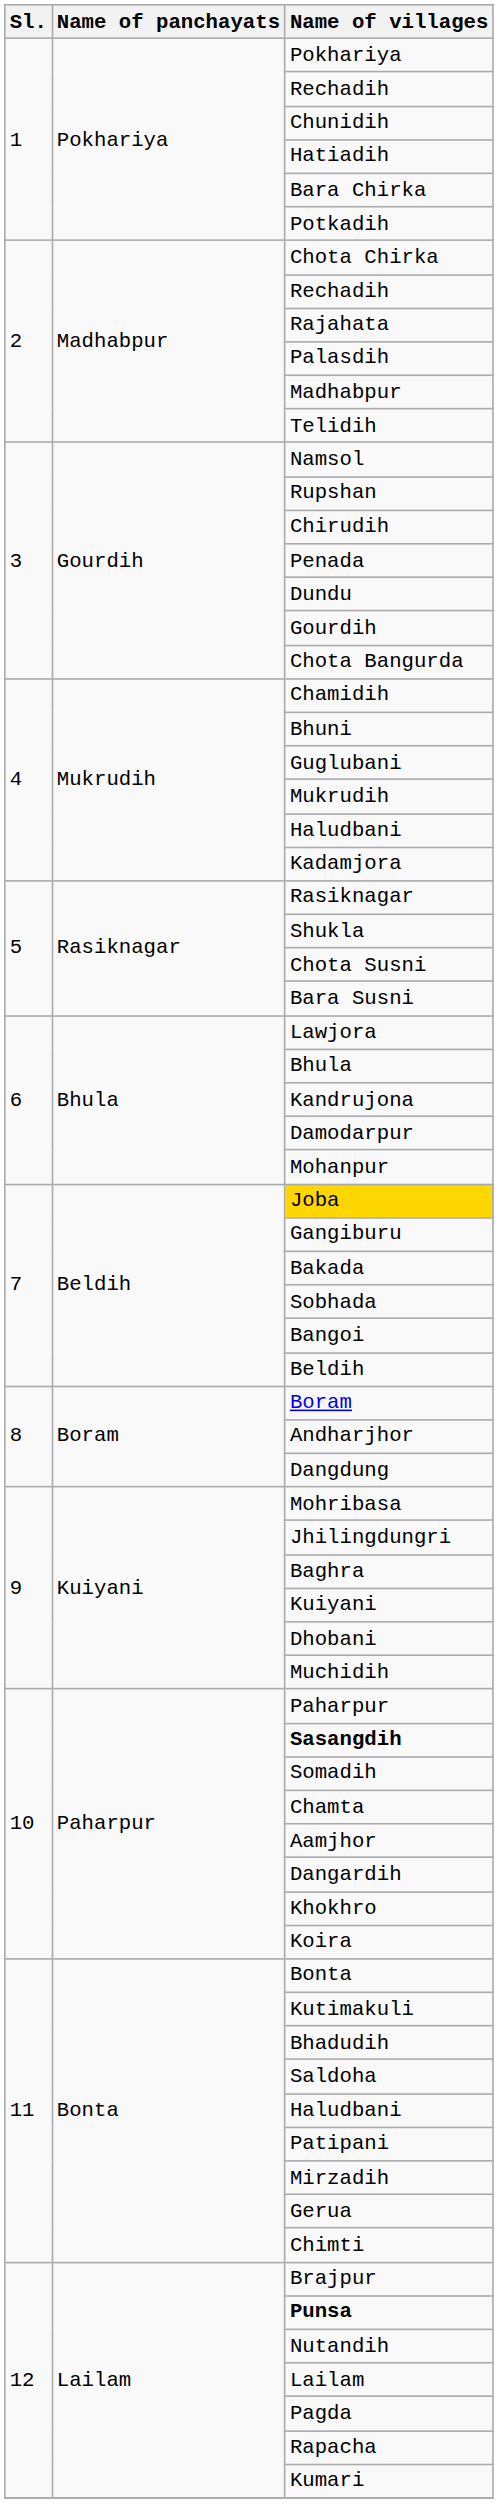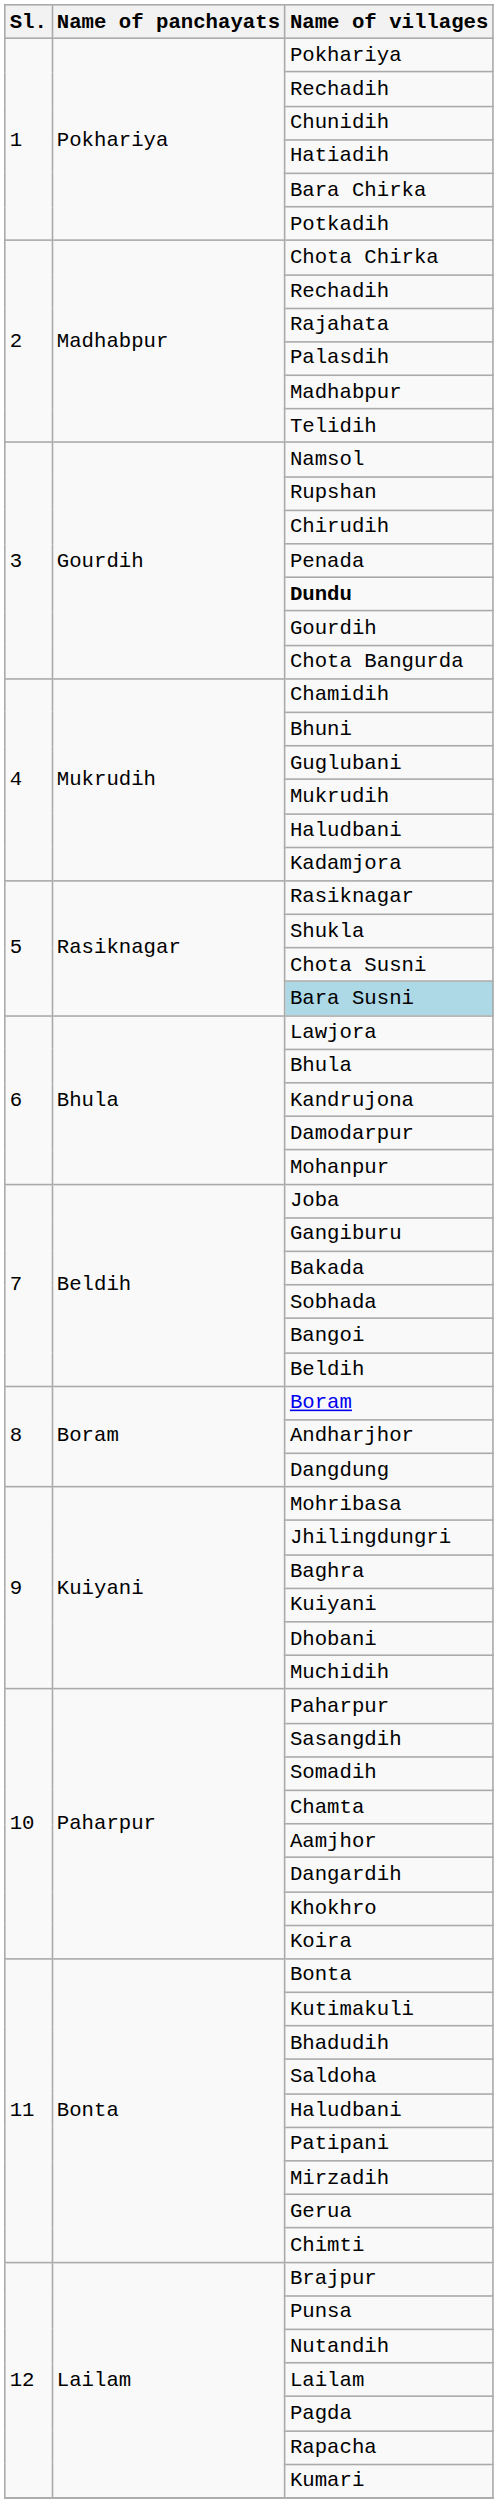 <table class="wikitable plainrowheaders sortable">
 <tr>
 <th scope="col">Sl.</th>
 <th scope="col">Name of panchayats</th>
 <th scope="col">Name of villages</th>
 </tr>
 <tr>
 <td rowspan="6">1</td>
 <td rowspan="6">Pokhariya</td>
 <td>Pokhariya</td>
 </tr>
 <tr>
 <td>Rechadih</td>
 </tr>
 <tr>
 <td>Chunidih</td>
 </tr>
 <tr>
 <td>Hatiadih</td>
 </tr>
 <tr>
 <td>Bara Chirka</td>
 </tr>
 <tr>
 <td>Potkadih</td>
 </tr>
 <tr>
 <td rowspan="6">2</td>
 <td rowspan="6">Madhabpur</td>
 <td>Chota Chirka</td>
 </tr>
 <tr>
 <td>Rechadih</td>
 </tr>
 <tr>
 <td>Rajahata</td>
 </tr>
 <tr>
 <td>Palasdih</td>
 </tr>
 <tr>
 <td>Madhabpur</td>
 </tr>
 <tr>
 <td>Telidih</td>
 </tr>
 <tr>
 <td rowspan="7">3</td>
 <td rowspan="7">Gourdih</td>
 <td>Namsol</td>
 </tr>
 <tr>
 <td>Rupshan</td>
 </tr>
 <tr>
 <td>Chirudih</td>
 </tr>
 <tr>
 <td>Penada</td>
 </tr>
 <tr>
-<td>Dundu</td>
+<td><strong>Dundu</strong></td>
 </tr>
 <tr>
 <td>Gourdih</td>
 </tr>
 <tr>
 <td>Chota Bangurda</td>
 </tr>
 <tr>
 <td rowspan="6">4</td>
 <td rowspan="6">Mukrudih</td>
 <td>Chamidih</td>
 </tr>
 <tr>
 <td>Bhuni</td>
 </tr>
 <tr>
 <td>Guglubani</td>
 </tr>
 <tr>
 <td>Mukrudih</td>
 </tr>
 <tr>
 <td>Haludbani</td>
 </tr>
 <tr>
 <td>Kadamjora</td>
 </tr>
 <tr>
 <td rowspan="4">5</td>
 <td rowspan="4">Rasiknagar</td>
 <td>Rasiknagar</td>
 </tr>
 <tr>
 <td>Shukla</td>
 </tr>
 <tr>
 <td>Chota Susni</td>
 </tr>
 <tr>
-<td>Bara Susni</td>
+<td style="background: lightblue;">Bara Susni</td>
 </tr>
 <tr>
 <td rowspan="5">6</td>
 <td rowspan="5">Bhula</td>
 <td>Lawjora</td>
 </tr>
 <tr>
 <td>Bhula</td>
 </tr>
 <tr>
 <td>Kandrujona</td>
 </tr>
 <tr>
 <td>Damodarpur</td>
 </tr>
 <tr>
 <td>Mohanpur</td>
 </tr>
 <tr>
 <td rowspan="6">7</td>
 <td rowspan="6">Beldih</td>
-<td style="background: gold;">Joba</td>
+<td>Joba</td>
 </tr>
 <tr>
 <td>Gangiburu</td>
 </tr>
 <tr>
 <td>Bakada</td>
 </tr>
 <tr>
 <td>Sobhada</td>
 </tr>
 <tr>
 <td>Bangoi</td>
 </tr>
 <tr>
 <td>Beldih</td>
 </tr>
 <tr>
 <td rowspan="3">8</td>
 <td rowspan="3">Boram</td>
 <td><a href='#'>Boram</a></td>
 </tr>
 <tr>
 <td>Andharjhor</td>
 </tr>
 <tr>
 <td>Dangdung</td>
 </tr>
 <tr>
 <td rowspan="6">9</td>
 <td rowspan="6">Kuiyani</td>
 <td>Mohribasa</td>
 </tr>
 <tr>
 <td>Jhilingdungri</td>
 </tr>
 <tr>
 <td>Baghra</td>
 </tr>
 <tr>
 <td>Kuiyani</td>
 </tr>
 <tr>
 <td>Dhobani</td>
 </tr>
 <tr>
 <td>Muchidih</td>
 </tr>
 <tr>
 <td rowspan="8">10</td>
 <td rowspan="8">Paharpur</td>
 <td>Paharpur</td>
 </tr>
 <tr>
-<td><strong>Sasangdih</strong></td>
+<td>Sasangdih</td>
 </tr>
 <tr>
 <td>Somadih</td>
 </tr>
 <tr>
 <td>Chamta</td>
 </tr>
 <tr>
 <td>Aamjhor</td>
 </tr>
 <tr>
 <td>Dangardih</td>
 </tr>
 <tr>
 <td>Khokhro</td>
 </tr>
 <tr>
 <td>Koira</td>
 </tr>
 <tr>
 <td rowspan="9">11</td>
 <td rowspan="9">Bonta</td>
 <td>Bonta</td>
 </tr>
 <tr>
 <td>Kutimakuli</td>
 </tr>
 <tr>
 <td>Bhadudih</td>
 </tr>
 <tr>
 <td>Saldoha</td>
 </tr>
 <tr>
 <td>Haludbani</td>
 </tr>
 <tr>
 <td>Patipani</td>
 </tr>
 <tr>
 <td>Mirzadih</td>
 </tr>
 <tr>
 <td>Gerua</td>
 </tr>
 <tr>
 <td>Chimti</td>
 </tr>
 <tr>
 <td rowspan="7">12</td>
 <td rowspan="7">Lailam</td>
 <td>Brajpur</td>
 </tr>
 <tr>
-<td><strong>Punsa</strong></td>
+<td>Punsa</td>
 </tr>
 <tr>
 <td>Nutandih</td>
 </tr>
 <tr>
 <td>Lailam</td>
 </tr>
 <tr>
 <td>Pagda</td>
 </tr>
 <tr>
 <td>Rapacha</td>
 </tr>
 <tr>
 <td>Kumari</td>
 </tr>
 <tr>
 </tr>
 </table>
